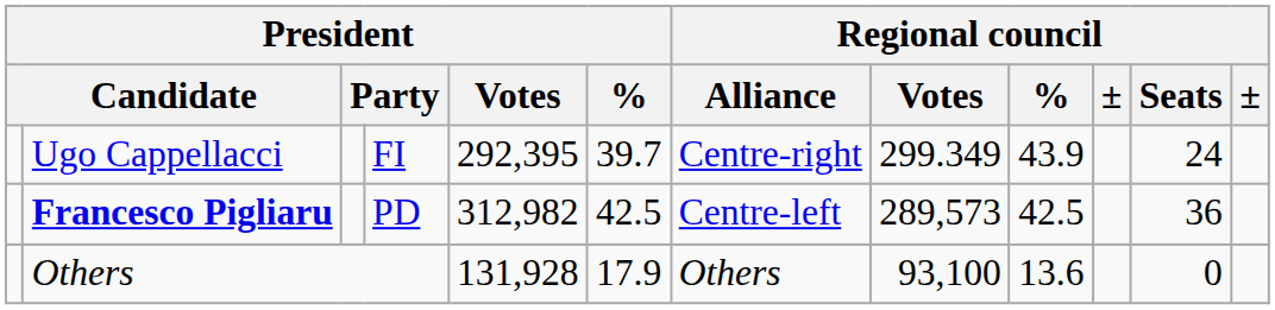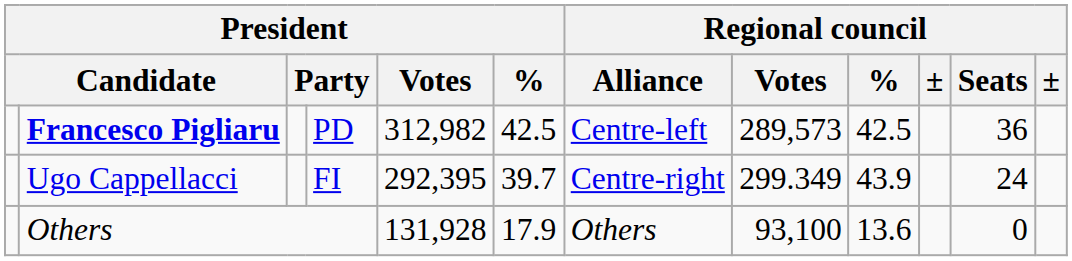 <table class="wikitable" style="text-align:right">
 <tr>
 <th colspan="6">President</th>
 <th colspan="6">Regional council</th>
 </tr>
 <tr>
 <th colspan="2">Candidate</th>
 <th colspan="2">Party</th>
 <th>Votes</th>
 <th>%</th>
 <th>Alliance</th>
 <th>Votes</th>
 <th>%</th>
 <th>±</th>
 <th>Seats</th>
 <th>±</th>
 </tr>
 <tr>
 <td></td>
+<td style="text-align:left"><strong><a href='#'>Francesco Pigliaru</a></strong></td>
+<td></td>
+<td style="text-align:left"><a href='#'>PD</a></td>
+<td>312,982</td>
+<td>42.5</td>
+<td style="text-align:left"><a href='#'>Centre-left</a></td>
+<td>289,573</td>
+<td>42.5</td>
+<td></td>
+<td>36</td>
+<td></td>
+</tr>
+<tr>
+<td></td>
 <td style="text-align:left"><a href='#'>Ugo Cappellacci</a></td>
 <td></td>
 <td style="text-align:left"><a href='#'>FI</a></td>
 <td>292,395</td>
 <td>39.7</td>
 <td style="text-align:left"><a href='#'>Centre-right</a></td>
 <td>299.349</td>
 <td>43.9</td>
 <td></td>
 <td>24</td>
-<td></td>
-</tr>
-<tr>
-<td></td>
-<td style="text-align:left"><strong><a href='#'>Francesco Pigliaru</a></strong></td>
-<td></td>
-<td style="text-align:left"><a href='#'>PD</a></td>
-<td>312,982</td>
-<td>42.5</td>
-<td style="text-align:left"><a href='#'>Centre-left</a></td>
-<td>289,573</td>
-<td>42.5</td>
-<td></td>
-<td>36</td>
 <td></td>
 </tr>
 <tr>
 <td></td>
 <td colspan="3" style="text-align:left"><em>Others</em></td>
 <td>131,928</td>
 <td>17.9</td>
 <td style="text-align:left"><em>Others</em></td>
 <td>93,100</td>
 <td>13.6</td>
 <td></td>
 <td>0</td>
 <td></td>
 </tr>
 </table>
